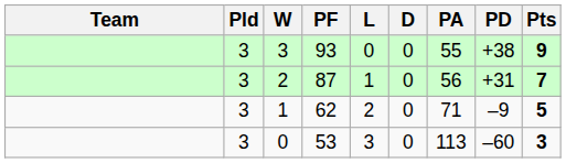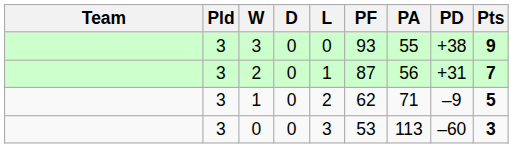 <table class="wikitable" style="text-align:center;">
 <tr>
 <th width=175>Team</th>
 <th width=25 abbr="Played">Pld</th>
 <th width=25 abbr="Won">W</th>
+<th width=25 abbr="Drawn">D</th>
+<th width=25 abbr="Lost">L</th>
 <th width=32 abbr="Points for">PF</th>
-<th width=25 abbr="Lost">L</th>
-<th width=25 abbr="Drawn">D</th>
 <th width=32 abbr="Points against">PA</th>
 <th width=32 abbr="Points difference">PD</th>
 <th width=25 abbr="Points">Pts</th>
 </tr>
 <tr bgcolor=ccffcc>
 <td align=left></td>
 <td>3</td>
 <td>3</td>
-<td>93</td>
 <td>0</td>
 <td>0</td>
+<td>93</td>
 <td>55</td>
 <td>+38</td>
 <td><strong>9</strong></td>
 </tr>
 <tr bgcolor=ccffcc>
 <td align=left></td>
 <td>3</td>
 <td>2</td>
+<td>0</td>
+<td>1</td>
 <td>87</td>
-<td>1</td>
-<td>0</td>
 <td>56</td>
 <td>+31</td>
 <td><strong>7</strong></td>
 </tr>
 <tr>
 <td align=left></td>
 <td>3</td>
 <td>1</td>
+<td>0</td>
+<td>2</td>
 <td>62</td>
-<td>2</td>
-<td>0</td>
 <td>71</td>
 <td>–9</td>
 <td><strong>5</strong></td>
 </tr>
 <tr>
 <td align=left></td>
 <td>3</td>
 <td>0</td>
+<td>0</td>
+<td>3</td>
 <td>53</td>
-<td>3</td>
-<td>0</td>
 <td>113</td>
 <td>–60</td>
 <td><strong>3</strong></td>
 </tr>
 </table>
